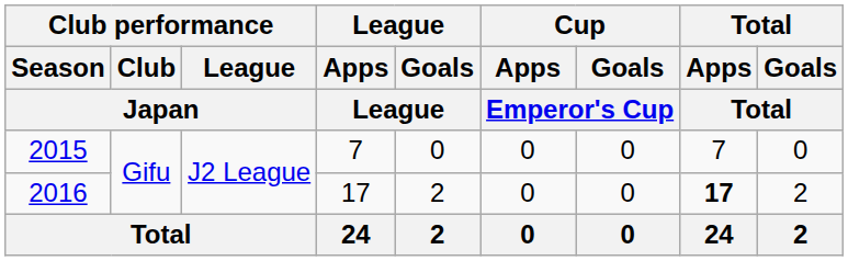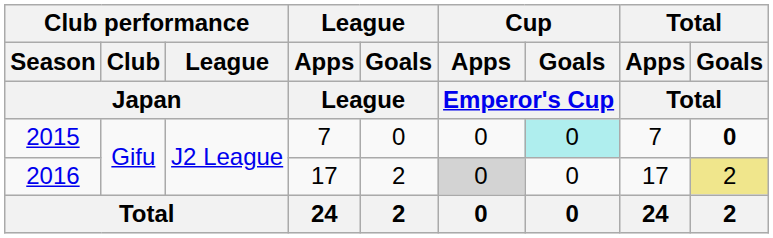 <table class="wikitable" style="text-align:center;">
 <tr>
 <th colspan=3>Club performance</th>
 <th colspan=2>League</th>
 <th colspan=2>Cup</th>
 <th colspan=2>Total</th>
 </tr>
 <tr>
 <th>Season</th>
 <th>Club</th>
 <th>League</th>
 <th>Apps</th>
 <th>Goals</th>
 <th>Apps</th>
 <th>Goals</th>
 <th>Apps</th>
 <th>Goals</th>
 </tr>
 <tr>
 <th colspan=3>Japan</th>
 <th colspan=2>League</th>
 <th colspan=2><a href='#'>Emperor's Cup</a></th>
 <th colspan=2>Total</th>
 </tr>
 <tr>
 <td><a href='#'>2015</a></td>
 <td rowspan="2"><a href='#'>Gifu</a></td>
 <td rowspan="2"><a href='#'>J2 League</a></td>
 <td>7</td>
 <td>0</td>
 <td>0</td>
-<td>0</td>
+<td style="background: paleturquoise;">0</td>
 <td>7</td>
-<td>0</td>
+<td><strong>0</strong></td>
 </tr>
 <tr>
 <td><a href='#'>2016</a></td>
 <td>17</td>
 <td>2</td>
+<td style="background: lightgrey;">0</td>
 <td>0</td>
-<td>0</td>
-<td><strong>17</strong></td>
-<td>2</td>
+<td>17</td>
+<td style="background: khaki;">2</td>
 </tr>
 <tr>
 <th colspan=3>Total</th>
 <th>24</th>
 <th>2</th>
 <th>0</th>
 <th>0</th>
 <th>24</th>
 <th>2</th>
 </tr>
 </table>
